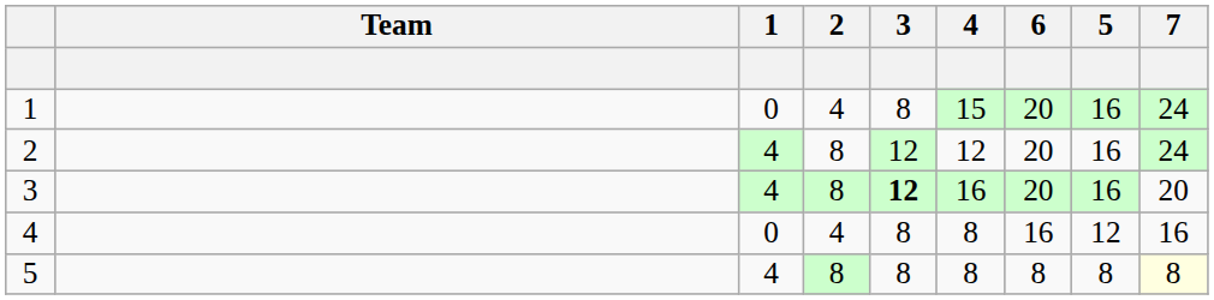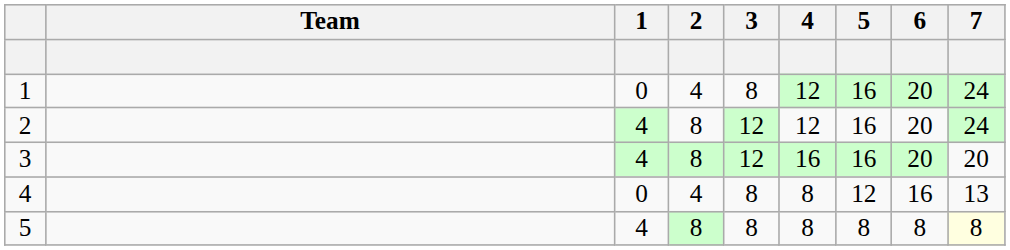 <table class="wikitable sortable" style="text-align:center; line-height: 90%;" width=40%>
 <tr>
 <th width=20 abbr="Position"></th>
 <th width=400px>Team</th>
 <th width=30 abbr="Round 1">1</th>
 <th width=30 abbr="Round 2">2</th>
 <th width=30 abbr="Round 3">3</th>
 <th width=30 abbr="Round 4">4</th>
+<th width=30 abbr="Round 5">5</th>
 <th width=30 abbr="Round 6">6</th>
-<th width=30 abbr="Round 5">5</th>
 <th width=30 abbr="Round 7">7</th>
 </tr>
 <tr>
 <th></th>
 <th></th>
 <th></th>
 <th></th>
 <th></th>
 <th></th>
 <th></th>
 <th></th>
 <th> </th>
 </tr>
 <tr>
 <td>1</td>
 <td style="text-align:left"></td>
 <td>0</td>
 <td>4</td>
 <td>8</td>
-<td style="background:#ccffcc;">15</td>
+<td style="background:#ccffcc;">12</td>
+<td style="background:#ccffcc;">16</td>
 <td style="background:#ccffcc;">20</td>
-<td style="background:#ccffcc;">16</td>
 <td style="background:#ccffcc;">24</td>
 </tr>
 <tr>
 <td>2</td>
 <td style="text-align:left"></td>
 <td style="background:#ccffcc;">4</td>
 <td>8</td>
 <td style="background:#ccffcc;">12</td>
 <td>12</td>
+<td>16</td>
 <td>20</td>
-<td>16</td>
 <td style="background:#ccffcc;">24</td>
 </tr>
 <tr>
 <td>3</td>
 <td style="text-align:left"></td>
 <td style="background:#ccffcc;">4</td>
 <td style="background:#ccffcc;">8</td>
-<td style="background:#ccffcc;"><strong>12</strong></td>
+<td style="background:#ccffcc;">12</td>
+<td style="background:#ccffcc;">16</td>
 <td style="background:#ccffcc;">16</td>
 <td style="background:#ccffcc;">20</td>
-<td style="background:#ccffcc;">16</td>
 <td>20</td>
 </tr>
 <tr>
 <td>4</td>
 <td style="text-align:left"></td>
 <td>0</td>
 <td>4</td>
 <td>8</td>
 <td>8</td>
-<td>16</td>
 <td>12</td>
 <td>16</td>
+<td>13</td>
 </tr>
 <tr>
 <td>5</td>
 <td style="text-align:left"></td>
 <td>4</td>
 <td style="background:#ccffcc;">8</td>
 <td>8</td>
 <td>8</td>
 <td>8</td>
 <td>8</td>
 <td style="background: lightyellow;">8</td>
 </tr>
 </table>
